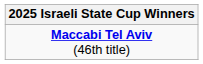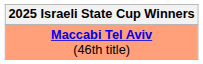 <table class=wikitable style="text-align:center; margin:auto">
 <tr>
 <th>2025 Israeli State Cup Winners</th>
 </tr>
 <tr>
-<td><strong><a href='#'>Maccabi Tel Aviv</a></strong><br>(46th title)</td>
+<td style="background: lightsalmon;"><strong><a href='#'>Maccabi Tel Aviv</a></strong><br>(46th title)</td>
 </tr>
 </table>
